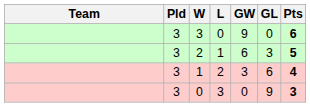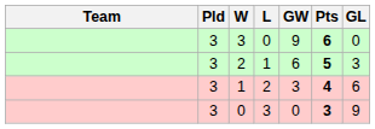 <table class="wikitable" style="text-align:center">
 <tr>
 <th width=200>Team</th>
 <th width=20>Pld</th>
 <th width=20>W</th>
 <th width=20>L</th>
 <th width=20>GW</th>
+<th width=20>Pts</th>
 <th width=20>GL</th>
-<th width=20>Pts</th>
 </tr>
 <tr bgcolor="ccffcc">
 <td style="text-align:left;"></td>
 <td>3</td>
 <td>3</td>
 <td>0</td>
 <td>9</td>
+<td><strong>6</strong></td>
 <td>0</td>
-<td><strong>6</strong></td>
 </tr>
 <tr bgcolor="ccffcc">
 <td style="text-align:left;"></td>
 <td>3</td>
 <td>2</td>
 <td>1</td>
 <td>6</td>
+<td><strong>5</strong></td>
 <td>3</td>
-<td><strong>5</strong></td>
 </tr>
 <tr bgcolor="ffcccc">
 <td style="text-align:left;"></td>
 <td>3</td>
 <td>1</td>
 <td>2</td>
 <td>3</td>
+<td><strong>4</strong></td>
 <td>6</td>
-<td><strong>4</strong></td>
 </tr>
 <tr bgcolor="ffcccc">
 <td style="text-align:left;"></td>
 <td>3</td>
 <td>0</td>
 <td>3</td>
 <td>0</td>
+<td><strong>3</strong></td>
 <td>9</td>
-<td><strong>3</strong></td>
 </tr>
 </table>
